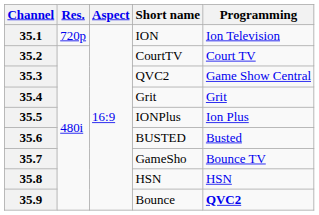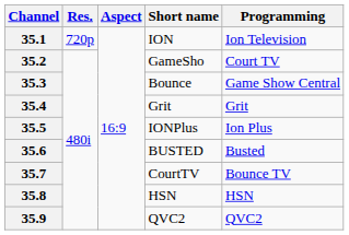 <table class="wikitable">
 <tr>
 <th scope = "col"><a href='#'>Channel</a></th>
 <th scope = "col"><a href='#'>Res.</a></th>
 <th scope = "col"><a href='#'>Aspect</a></th>
 <th scope = "col">Short name</th>
 <th scope = "col">Programming</th>
 </tr>
 <tr>
 <th scope = "row">35.1</th>
 <td><a href='#'>720p</a></td>
 <td rowspan="9"><a href='#'>16:9</a></td>
 <td>ION</td>
 <td><a href='#'>Ion Television</a></td>
 </tr>
 <tr>
 <th scope = "row">35.2</th>
 <td rowspan="8"><a href='#'>480i</a></td>
-<td>CourtTV</td>
+<td>GameSho</td>
 <td><a href='#'>Court TV</a></td>
 </tr>
 <tr>
 <th scope = "row">35.3</th>
-<td>QVC2</td>
+<td>Bounce</td>
 <td><a href='#'>Game Show Central</a></td>
 </tr>
 <tr>
 <th scope = "row">35.4</th>
 <td>Grit</td>
 <td><a href='#'>Grit</a></td>
 </tr>
 <tr>
 <th scope = "row">35.5</th>
 <td>IONPlus</td>
 <td><a href='#'>Ion Plus</a></td>
 </tr>
 <tr>
 <th scope = "row">35.6</th>
 <td>BUSTED</td>
 <td><a href='#'>Busted</a></td>
 </tr>
 <tr>
 <th scope = "row">35.7</th>
-<td>GameSho</td>
+<td>CourtTV</td>
 <td><a href='#'>Bounce TV</a></td>
 </tr>
 <tr>
 <th scope = "row">35.8</th>
 <td>HSN</td>
 <td><a href='#'>HSN</a></td>
 </tr>
 <tr>
 <th scope = "row">35.9</th>
-<td>Bounce</td>
-<td><strong><a href='#'>QVC2</a></strong></td>
+<td>QVC2</td>
+<td><a href='#'>QVC2</a></td>
 </tr>
 </table>
